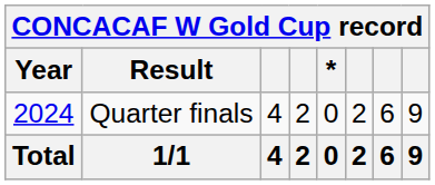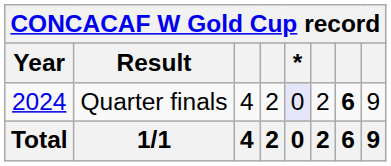 <table class="wikitable"  style="text-align:center;">
 <tr>
 <th colspan=9><a href='#'>CONCACAF W Gold Cup</a> record</th>
 </tr>
 <tr>
 <th>Year</th>
 <th>Result</th>
 <th></th>
 <th></th>
 <th>*</th>
 <th></th>
 <th></th>
 <th></th>
 </tr>
 <tr>
 <td> <a href='#'>2024</a></td>
 <td>Quarter finals</td>
 <td>4</td>
 <td>2</td>
-<td>0</td>
+<td style="background: lavender;">0</td>
 <td>2</td>
-<td>6</td>
+<td><strong>6</strong></td>
 <td>9</td>
 </tr>
 <tr>
 <th>Total</th>
 <th><strong>1/1</strong></th>
 <th>4</th>
 <th>2</th>
 <th>0</th>
 <th>2</th>
 <th>6</th>
 <th>9</th>
 </tr>
 </table>
